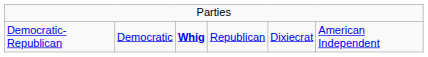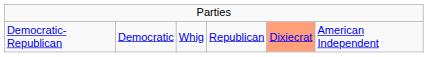 <table class="wikitable">
 <tr>
 <td style="text-align:center;" colspan="6">Parties</td>
 </tr>
 <tr>
 <td><a href='#'>Democratic-Republican</a></td>
 <td><a href='#'>Democratic</a></td>
-<td><strong><a href='#'>Whig</a></strong></td>
+<td><a href='#'>Whig</a></td>
 <td><a href='#'>Republican</a></td>
-<td><a href='#'>Dixiecrat</a></td>
+<td style="background: lightsalmon;"><a href='#'>Dixiecrat</a></td>
 <td><a href='#'>American Independent</a></td>
 </tr>
 </table>
